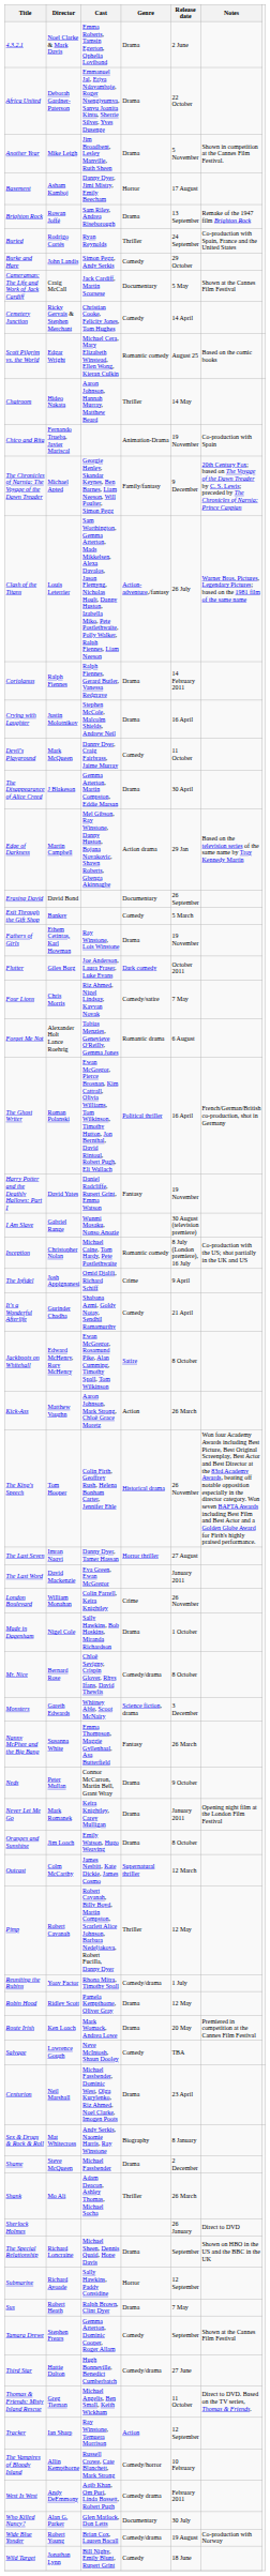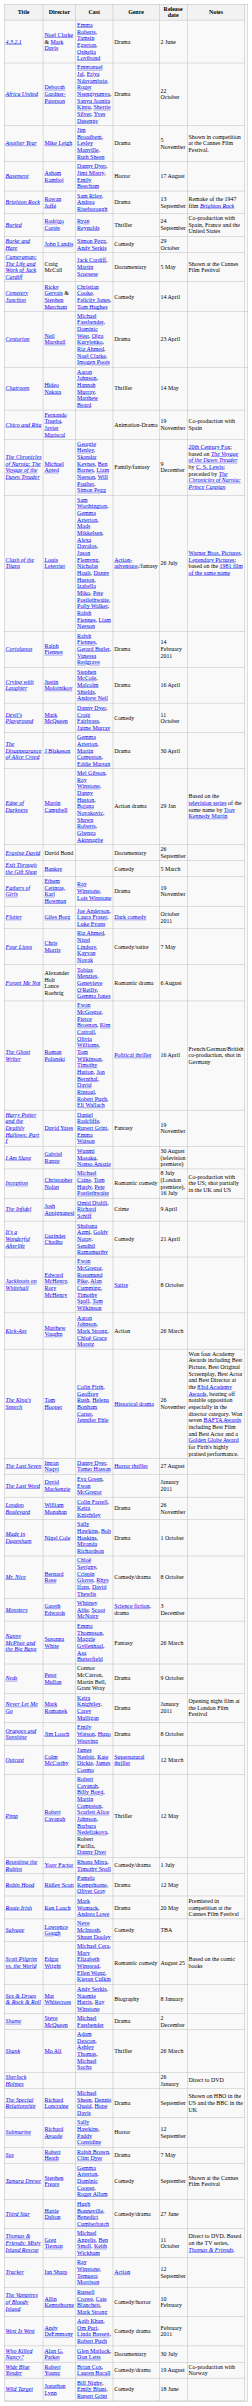 <table class="wikitable sortable" style="width:100%;">
 <tr>
 <th>Title</th>
 <th>Director</th>
 <th>Cast</th>
 <th>Genre</th>
 <th>Release date</th>
 <th>Notes</th>
 </tr>
 <tr>
 <td><em><a href='#'>4.3.2.1</a></em></td>
 <td><a href='#'>Noel Clarke</a> & <a href='#'>Mark Davis</a></td>
 <td><a href='#'>Emma Roberts</a>, <a href='#'>Tamsin Egerton</a>, <a href='#'>Ophelia Lovibond</a></td>
 <td>Drama</td>
 <td>2 June</td>
 <td></td>
 </tr>
 <tr>
 <td><em><a href='#'>Africa United</a></em></td>
 <td><a href='#'>Deborah Gardner-Paterson</a></td>
 <td><a href='#'>Emmanuel Jal</a>, <a href='#'>Eriya Ndayambaje</a>, <a href='#'>Roger Nsengiyumva</a>, <a href='#'>Sanyu Joanita Kintu</a>, <a href='#'>Sherrie Silver</a>, <a href='#'>Yves Dusenge</a></td>
 <td>Drama</td>
 <td>22 October</td>
 <td></td>
 </tr>
 <tr>
 <td><em><a href='#'>Another Year</a></em></td>
 <td><a href='#'>Mike Leigh</a></td>
 <td><a href='#'>Jim Broadbent</a>, <a href='#'>Lesley Manville</a>, <a href='#'>Ruth Sheen</a></td>
 <td>Drama</td>
 <td>5 November</td>
 <td>Shown in competition at the Cannes Film Festival.</td>
 </tr>
 <tr>
 <td><em><a href='#'>Basement</a></em></td>
 <td><a href='#'>Asham Kamboj</a></td>
 <td><a href='#'>Danny Dyer</a>, <a href='#'>Jimi Mistry</a>, <a href='#'>Emily Beecham</a></td>
 <td>Horror</td>
 <td>17 August</td>
 <td></td>
 </tr>
 <tr>
 <td><em><a href='#'>Brighton Rock</a></em></td>
 <td><a href='#'>Rowan Joffé</a></td>
 <td><a href='#'>Sam Riley</a>, <a href='#'>Andrea Riseborough</a></td>
 <td>Drama</td>
 <td>13 September</td>
 <td>Remake of the 1947 film <em><a href='#'>Brighton Rock</a></em></td>
 </tr>
 <tr>
 <td><em><a href='#'>Buried</a></em></td>
 <td><a href='#'>Rodrigo Cortés</a></td>
 <td><a href='#'>Ryan Reynolds</a></td>
 <td>Thriller</td>
 <td>24 September</td>
 <td>Co-production with Spain, France and the United States</td>
 </tr>
 <tr>
 <td><em><a href='#'>Burke and Hare</a></em></td>
 <td><a href='#'>John Landis</a></td>
 <td><a href='#'>Simon Pegg</a>, <a href='#'>Andy Serkis</a></td>
 <td>Comedy</td>
 <td>29 October</td>
 <td></td>
 </tr>
 <tr>
 <td><em><a href='#'>Cameraman: The Life and Work of Jack Cardiff</a></em></td>
 <td>Craig McCall</td>
 <td><a href='#'>Jack Cardiff</a>, <a href='#'>Martin Scorsese</a></td>
 <td>Documentary</td>
 <td>5 May</td>
 <td>Shown at the Cannes Film Festival</td>
 </tr>
 <tr>
 <td><em><a href='#'>Cemetery Junction</a></em></td>
 <td><a href='#'>Ricky Gervais</a> & <a href='#'>Stephen Merchant</a></td>
 <td><a href='#'>Christian Cooke</a>, <a href='#'>Felicity Jones</a>, <a href='#'>Tom Hughes</a></td>
 <td>Comedy</td>
 <td>14 April</td>
 <td></td>
 </tr>
 <tr>
-<td><em><a href='#'>Scott Pilgrim vs. the World</a></em></td>
-<td><a href='#'>Edgar Wright</a></td>
-<td><a href='#'>Michael Cera</a>, <a href='#'>Mary Elizabeth Winstead</a>, <a href='#'>Ellen Wong</a>, <a href='#'>Kieran Culkin</a></td>
-<td>Romantic comedy</td>
-<td>August 25</td>
-<td>Based on the comic books</td>
+<td><em><a href='#'>Centurion</a></em></td>
+<td><a href='#'>Neil Marshall</a></td>
+<td><a href='#'>Michael Fassbender</a>, <a href='#'>Dominic West</a>, <a href='#'>Olga Kurylenko</a>, <a href='#'>Riz Ahmed</a>, <a href='#'>Noel Clarke</a>, <a href='#'>Imogen Poots</a></td>
+<td>Drama</td>
+<td>23 April</td>
+<td></td>
 <td></td>
 </tr>
 <tr>
 <td><em><a href='#'>Chatroom</a></em></td>
 <td><a href='#'>Hideo Nakata</a></td>
 <td><a href='#'>Aaron Johnson</a>, <a href='#'>Hannah Murray</a>, <a href='#'>Matthew Beard</a></td>
 <td>Thriller</td>
 <td>14 May</td>
 <td></td>
 </tr>
 <tr>
 <td><em><a href='#'>Chico and Rita</a></em></td>
 <td><a href='#'>Fernando Trueba</a>, <a href='#'>Javier Mariscal</a></td>
 <td></td>
 <td>Animation-Drama</td>
 <td>19 November</td>
 <td>Co-production with Spain</td>
 </tr>
 <tr>
 <td><em><a href='#'>The Chronicles of Narnia: The Voyage of the Dawn Treader</a></em></td>
 <td><a href='#'>Michael Apted</a></td>
 <td><a href='#'>Georgie Henley</a>, <a href='#'>Skandar Keynes</a>, <a href='#'>Ben Barnes</a>, <a href='#'>Liam Neeson</a>, <a href='#'>Will Poulter</a>, <a href='#'>Simon Pegg</a></td>
 <td>Family/fantasy</td>
 <td>9 December</td>
 <td><a href='#'>20th Century Fox</a>; based on <em><a href='#'>The Voyage of the Dawn Treader</a></em> by <a href='#'>C. S. Lewis</a>; preceded by <em><a href='#'>The Chronicles of Narnia: Prince Caspian</a></em></td>
 </tr>
 <tr>
 <td><em><a href='#'>Clash of the Titans</a></em></td>
 <td><a href='#'>Louis Leterrier</a></td>
 <td><a href='#'>Sam Worthington</a>, <a href='#'>Gemma Arterton</a>, <a href='#'>Mads Mikkelsen</a>, <a href='#'>Alexa Davalos</a>, <a href='#'>Jason Flemyng</a>, <a href='#'>Nicholas Hoult</a>, <a href='#'>Danny Huston</a>, <a href='#'>Izabella Miko</a>, <a href='#'>Pete Postlethwaite</a>, <a href='#'>Polly Walker</a>, <a href='#'>Ralph Fiennes</a>, <a href='#'>Liam Neeson</a></td>
 <td><a href='#'>Action-adventure</a>,/fantasy</td>
 <td>26 July</td>
 <td><a href='#'>Warner Bros. Pictures</a>, <a href='#'>Legendary Pictures</a>; based on the <a href='#'>1981 film of the same name</a></td>
 </tr>
 <tr>
 <td><em><a href='#'>Coriolanus</a></em></td>
 <td><a href='#'>Ralph Fiennes</a></td>
 <td><a href='#'>Ralph Fiennes</a>, <a href='#'>Gerard Butler</a>, <a href='#'>Vanessa Redgrave</a></td>
 <td>Drama</td>
 <td>14 February 2011</td>
 <td></td>
 </tr>
 <tr>
 <td><em><a href='#'>Crying with Laughter</a></em></td>
 <td><a href='#'>Justin Molotnikov</a></td>
 <td><a href='#'>Stephen McCole</a>, <a href='#'>Malcolm Shields</a>, <a href='#'>Andrew Neil</a></td>
 <td>Drama</td>
 <td>16 April</td>
 <td></td>
 </tr>
 <tr>
 <td><em><a href='#'>Devil's Playground</a></em></td>
 <td><a href='#'>Mark McQueen</a></td>
 <td><a href='#'>Danny Dyer</a>, <a href='#'>Craig Fairbrass</a>, <a href='#'>Jaime Murray</a></td>
 <td>Comedy</td>
 <td>11 October</td>
 <td></td>
 </tr>
 <tr>
 <td><em><a href='#'>The Disappearance of Alice Creed</a></em></td>
 <td><a href='#'>J Blakeson</a></td>
 <td><a href='#'>Gemma Arterton</a>, <a href='#'>Martin Compston</a>, <a href='#'>Eddie Marsan</a></td>
 <td>Drama</td>
 <td>30 April</td>
 <td></td>
 </tr>
 <tr>
 <td><em><a href='#'>Edge of Darkness</a></em></td>
 <td><a href='#'>Martin Campbell</a></td>
 <td><a href='#'>Mel Gibson</a>, <a href='#'>Ray Winstone</a>, <a href='#'>Danny Huston</a>, <a href='#'>Bojana Novakovic</a>, <a href='#'>Shawn Roberts</a>, <a href='#'>Gbenga Akinnagbe</a></td>
 <td>Action drama</td>
 <td>29 Jan</td>
 <td>Based on the <a href='#'>television series</a> of the same name by <a href='#'>Troy Kennedy Martin</a></td>
 </tr>
 <tr>
 <td><em><a href='#'>Erasing David</a></em></td>
 <td>David Bond</td>
 <td></td>
 <td>Documentary</td>
 <td>26 September</td>
 <td></td>
 </tr>
 <tr>
 <td><em><a href='#'>Exit Through the Gift Shop</a></em></td>
 <td><a href='#'>Banksy</a></td>
 <td></td>
 <td>Comedy</td>
 <td>5 March</td>
 <td></td>
 </tr>
 <tr>
 <td><em><a href='#'>Fathers of Girls</a></em></td>
 <td><a href='#'>Ethem Cetintas, Karl Howman</a></td>
 <td><a href='#'>Ray Winstone</a>, <a href='#'>Lois Winstone</a></td>
 <td>Drama</td>
 <td>19 November</td>
 <td></td>
 </tr>
 <tr>
 <td><em><a href='#'>Flutter</a></em></td>
 <td><a href='#'>Giles Borg</a></td>
 <td><a href='#'>Joe Anderson</a>, <a href='#'>Laura Fraser</a>, <a href='#'>Luke Evans</a></td>
 <td><a href='#'>Dark comedy</a></td>
 <td>October 2011</td>
 <td></td>
 </tr>
 <tr>
 <td><em><a href='#'>Four Lions</a></em></td>
 <td><a href='#'>Chris Morris</a></td>
 <td><a href='#'>Riz Ahmed</a>, <a href='#'>Nigel Lindsay</a>, <a href='#'>Kayvan Novak</a></td>
 <td>Comedy/satire</td>
 <td>7 May</td>
 <td></td>
 </tr>
 <tr>
 <td><em><a href='#'>Forget Me Not</a></em></td>
 <td>Alexander Holt<br>Lance Roehrig</td>
 <td><a href='#'>Tobias Menzies</a>, <a href='#'>Genevieve O'Reilly</a>, <a href='#'>Gemma Jones</a></td>
 <td>Romantic drama</td>
 <td>6 August</td>
 <td></td>
 </tr>
 <tr>
 <td><em><a href='#'>The Ghost Writer</a></em></td>
 <td><a href='#'>Roman Polanski</a></td>
 <td><a href='#'>Ewan McGregor</a>, <a href='#'>Pierce Brosnan</a>, <a href='#'>Kim Cattrall</a>, <a href='#'>Olivia Williams</a>, <a href='#'>Tom Wilkinson</a>, <a href='#'>Timothy Hutton</a>, <a href='#'>Jon Bernthal</a>, <a href='#'>David Rintoul</a>, <a href='#'>Robert Pugh</a>, <a href='#'>Eli Wallach</a></td>
 <td><a href='#'>Political thriller</a></td>
 <td>16 April</td>
 <td>French/German/British co-production, shot in Germany</td>
 </tr>
 <tr>
 <td><em><a href='#'>Harry Potter and the Deathly Hallows: Part I</a></em></td>
 <td><a href='#'>David Yates</a></td>
 <td><a href='#'>Daniel Radcliffe</a>, <a href='#'>Rupert Grint</a>, <a href='#'>Emma Watson</a></td>
 <td>Fantasy</td>
 <td>19 November</td>
 <td></td>
 </tr>
 <tr>
 <td><em><a href='#'>I Am Slave</a></em></td>
 <td><a href='#'>Gabriel Range</a></td>
 <td><a href='#'>Wunmi Mosaku</a>, <a href='#'>Nonso Anozie</a></td>
 <td></td>
 <td>30 August (television premiere)</td>
 <td></td>
 </tr>
 <tr>
 <td><em><a href='#'>Inception</a></em></td>
 <td><a href='#'>Christopher Nolan</a></td>
 <td><a href='#'>Michael Caine</a>, <a href='#'>Tom Hardy</a>, <a href='#'>Pete Postlethwaite</a></td>
 <td>Romantic comedy</td>
 <td>8 July (London premiere), 16 July</td>
 <td>Co-production with the US; shot partially in the UK and US</td>
 </tr>
 <tr>
 <td><em><a href='#'>The Infidel</a></em></td>
 <td><a href='#'>Josh Appignanesi</a></td>
 <td><a href='#'>Omid Djalili</a>, <a href='#'>Richard Schiff</a></td>
 <td>Crime</td>
 <td>9 April</td>
 <td></td>
 </tr>
 <tr>
 <td><em><a href='#'>It's a Wonderful Afterlife</a></em></td>
 <td><a href='#'>Gurinder Chadha</a></td>
 <td><a href='#'>Shabana Azmi</a>, <a href='#'>Goldy Notay</a>, <a href='#'>Sendhil Ramamurthy</a></td>
 <td>Comedy</td>
 <td>21 April</td>
 <td></td>
 </tr>
 <tr>
 <td><em><a href='#'>Jackboots on Whitehall</a></em></td>
 <td><a href='#'>Edward McHenry</a>, <a href='#'>Rory McHenry</a></td>
 <td><a href='#'>Ewan McGregor</a>, <a href='#'>Rosamund Pike</a>, <a href='#'>Alan Cumming</a>, <a href='#'>Timothy Spall</a>, <a href='#'>Tom Wilkinson</a></td>
 <td><a href='#'>Satire</a></td>
 <td>8 October</td>
 <td></td>
 </tr>
 <tr>
 <td><em><a href='#'>Kick-Ass</a></em></td>
 <td><a href='#'>Matthew Vaughn</a></td>
 <td><a href='#'>Aaron Johnson</a>, <a href='#'>Mark Strong</a>, <a href='#'>Chloë Grace Moretz</a></td>
 <td>Action</td>
 <td>26 March</td>
 <td></td>
 </tr>
 <tr>
 <td><em><a href='#'>The King's Speech</a></em></td>
 <td><a href='#'>Tom Hooper</a></td>
 <td><a href='#'>Colin Firth</a>, <a href='#'>Geoffrey Rush</a>, <a href='#'>Helena Bonham Carter</a>, <a href='#'>Jennifer Ehle</a></td>
 <td><a href='#'>Historical drama</a></td>
 <td>26 November</td>
 <td>Won four Academy Awards including Best Picture, Best Original Screenplay, Best Actor and Best Director at the <a href='#'>83rd Academy Awards</a>, beating off notable opposition especially in the director category. Won seven <a href='#'>BAFTA Awards</a> including Best Film and Best Actor and a <a href='#'>Golden Globe Award</a> for Firth's highly praised performance.</td>
 </tr>
 <tr>
 <td><em><a href='#'>The Last Seven</a></em></td>
 <td><a href='#'>Imran Naqvi</a></td>
 <td><a href='#'>Danny Dyer</a>, <a href='#'>Tamer Hassan</a></td>
 <td><a href='#'>Horror thriller</a></td>
 <td>27 August</td>
 <td></td>
 </tr>
 <tr>
 <td><em><a href='#'>The Last Word</a></em></td>
 <td><a href='#'>David Mackenzie</a></td>
 <td><a href='#'>Eva Green</a>, <a href='#'>Ewan McGregor</a></td>
 <td></td>
 <td>January 2011</td>
 <td></td>
 </tr>
 <tr>
 <td><em><a href='#'>London Boulevard</a></em></td>
 <td><a href='#'>William Monahan</a></td>
 <td><a href='#'>Colin Farrell</a>, <a href='#'>Keira Knightley</a></td>
-<td>Crime</td>
+<td>Drama</td>
 <td>26 November</td>
 <td></td>
 </tr>
 <tr>
 <td><em><a href='#'>Made in Dagenham</a></em></td>
 <td><a href='#'>Nigel Cole</a></td>
 <td><a href='#'>Sally Hawkins</a>, <a href='#'>Bob Hoskins</a>, <a href='#'>Miranda Richardson</a></td>
 <td>Drama</td>
 <td>1 October</td>
 <td></td>
 </tr>
 <tr>
 <td><em><a href='#'>Mr. Nice</a></em></td>
 <td><a href='#'>Bernard Rose</a></td>
 <td><a href='#'>Chloë Sevigny</a>, <a href='#'>Crispin Glover</a>, <a href='#'>Rhys Ifans</a>, <a href='#'>David Thewlis</a></td>
 <td>Comedy/drama</td>
 <td>8 October</td>
 <td></td>
 </tr>
 <tr>
 <td><em><a href='#'>Monsters</a></em></td>
 <td><a href='#'>Gareth Edwards</a></td>
 <td><a href='#'>Whitney Able</a>, <a href='#'>Scoot McNairy</a></td>
 <td><a href='#'>Science fiction</a>, drama</td>
 <td>3 December</td>
 <td></td>
 </tr>
 <tr>
 <td><em><a href='#'>Nanny McPhee and the Big Bang</a></em></td>
 <td><a href='#'>Susanna White</a></td>
 <td><a href='#'>Emma Thompson</a>, <a href='#'>Maggie Gyllenhaal</a>, <a href='#'>Asa Butterfield</a></td>
 <td>Fantasy</td>
 <td>26 March</td>
 <td></td>
 </tr>
 <tr>
 <td><em><a href='#'>Neds</a></em></td>
 <td><a href='#'>Peter Mullan</a></td>
 <td>Connor McCarron, Martin Bell, Grant Wray</td>
 <td>Drama</td>
 <td>9 October</td>
 <td></td>
 </tr>
 <tr>
 <td><em><a href='#'>Never Let Me Go</a></em></td>
 <td><a href='#'>Mark Romanek</a></td>
 <td><a href='#'>Keira Knightley</a>, <a href='#'>Carey Mulligan</a></td>
 <td>Drama</td>
 <td>January 2011</td>
 <td>Opening night film at the London Film Festival</td>
 </tr>
 <tr>
 <td><em><a href='#'>Oranges and Sunshine</a></em></td>
 <td><a href='#'>Jim Loach</a></td>
 <td><a href='#'>Emily Watson</a>, <a href='#'>Hugo Weaving</a></td>
 <td>Drama</td>
 <td>8 October</td>
 <td></td>
 </tr>
 <tr>
 <td><em><a href='#'>Outcast</a></em></td>
 <td><a href='#'>Colm McCarthy</a></td>
 <td><a href='#'>James Nesbitt</a>, <a href='#'>Kate Dickie</a>, <a href='#'>James Cosmo</a></td>
 <td><a href='#'>Supernatural</a> <a href='#'>thriller</a></td>
 <td>12 March</td>
 <td></td>
 </tr>
 <tr>
 <td><em><a href='#'>Pimp</a></em></td>
 <td><a href='#'>Robert Cavanah</a></td>
 <td><a href='#'>Robert Cavanah</a>, <a href='#'>Billy Boyd</a>, <a href='#'>Martin Compston</a>, <a href='#'>Scarlett Alice Johnson</a>, <a href='#'>Barbara Nedeljakova</a>, Robert Fucilla, <a href='#'>Danny Dyer</a></td>
 <td>Thriller</td>
 <td>12 May</td>
 <td></td>
 </tr>
 <tr>
 <td><em><a href='#'>Reuniting the Rubins</a></em></td>
 <td><a href='#'>Yoav Factor</a></td>
 <td><a href='#'>Rhona Mitra</a>, <a href='#'>Timothy Spall</a></td>
 <td>Comedy/drama</td>
 <td>1 July</td>
 <td></td>
 </tr>
 <tr>
 <td><em><a href='#'>Robin Hood</a></em></td>
 <td><a href='#'>Ridley Scott</a></td>
 <td><a href='#'>Pamela Kempthorne</a>, <a href='#'>Oliver Gray</a></td>
 <td>Drama</td>
 <td>12 May</td>
 <td></td>
 </tr>
 <tr>
 <td><em><a href='#'>Route Irish</a></em></td>
 <td><a href='#'>Ken Loach</a></td>
 <td><a href='#'>Mark Womack</a>, <a href='#'>Andrea Lowe</a></td>
 <td>Drama</td>
 <td>20 May</td>
 <td>Premiered in competition at the Cannes Film Festival</td>
 </tr>
 <tr>
 <td><em><a href='#'>Salvage</a></em></td>
 <td><a href='#'>Lawrence Gough</a></td>
 <td><a href='#'>Neve McIntosh</a>, <a href='#'>Shaun Dooley</a></td>
 <td>Comedy</td>
 <td>TBA</td>
 <td></td>
 </tr>
 <tr>
-<td><em><a href='#'>Centurion</a></em></td>
-<td><a href='#'>Neil Marshall</a></td>
-<td><a href='#'>Michael Fassbender</a>, <a href='#'>Dominic West</a>, <a href='#'>Olga Kurylenko</a>, <a href='#'>Riz Ahmed</a>, <a href='#'>Noel Clarke</a>, <a href='#'>Imogen Poots</a></td>
-<td>Drama</td>
-<td>23 April</td>
-<td></td>
+<td><em><a href='#'>Scott Pilgrim vs. the World</a></em></td>
+<td><a href='#'>Edgar Wright</a></td>
+<td><a href='#'>Michael Cera</a>, <a href='#'>Mary Elizabeth Winstead</a>, <a href='#'>Ellen Wong</a>, <a href='#'>Kieran Culkin</a></td>
+<td>Romantic comedy</td>
+<td>August 25</td>
+<td>Based on the comic books</td>
 <td></td>
 </tr>
 <tr>
 <td><em><a href='#'>Sex & Drugs & Rock & Roll</a></em></td>
 <td><a href='#'>Mat Whitecross</a></td>
 <td><a href='#'>Andy Serkis</a>, <a href='#'>Naomie Harris</a>, <a href='#'>Ray Winstone</a></td>
 <td>Biography</td>
 <td>8 January</td>
 <td></td>
 </tr>
 <tr>
 <td><em><a href='#'>Shame</a></em></td>
 <td><a href='#'>Steve McQueen</a></td>
 <td><a href='#'>Michael Fassbender</a></td>
 <td>Drama</td>
 <td>2 December</td>
 <td></td>
 </tr>
 <tr>
 <td><em><a href='#'>Shank</a></em></td>
 <td><a href='#'>Mo Ali</a></td>
 <td><a href='#'>Adam Deacon</a>, <a href='#'>Ashley Thomas</a>, <a href='#'>Michael Socha</a></td>
 <td>Thriller</td>
 <td>26 March</td>
 <td></td>
 </tr>
 <tr>
 <td><em><a href='#'>Sherlock Holmes</a></em></td>
 <td></td>
 <td></td>
 <td></td>
 <td>26 January</td>
 <td>Direct to DVD</td>
 </tr>
 <tr>
 <td><em><a href='#'>The Special Relationship</a></em></td>
 <td><a href='#'>Richard Loncraine</a></td>
 <td><a href='#'>Michael Sheen</a>, <a href='#'>Dennis Quaid</a>, <a href='#'>Hope Davis</a></td>
 <td>Drama</td>
 <td>September</td>
 <td>Shown on HBO in the US and the BBC in the UK</td>
 </tr>
 <tr>
 <td><em><a href='#'>Submarine</a></em></td>
 <td><a href='#'>Richard Ayoade</a></td>
 <td><a href='#'>Sally Hawkins</a>, <a href='#'>Paddy Considine</a></td>
 <td>Horror</td>
 <td>12 September</td>
 <td></td>
 </tr>
 <tr>
 <td><em><a href='#'>Sus</a></em></td>
 <td><a href='#'>Robert Heath</a></td>
 <td><a href='#'>Ralph Brown</a>, <a href='#'>Clint Dyer</a></td>
 <td>Drama</td>
 <td>7 May</td>
 <td></td>
 </tr>
 <tr>
 <td><em><a href='#'>Tamara Drewe</a></em></td>
 <td><a href='#'>Stephen Frears</a></td>
 <td><a href='#'>Gemma Arterton</a>, <a href='#'>Dominic Cooper</a>, <a href='#'>Roger Allam</a></td>
 <td>Comedy</td>
 <td>September</td>
 <td>Shown at the Cannes Film Festival</td>
 </tr>
 <tr>
 <td><em><a href='#'>Third Star</a></em></td>
 <td><a href='#'>Hattie Dalton</a></td>
 <td><a href='#'>Hugh Bonneville</a>, <a href='#'>Benedict Cumberbatch</a></td>
 <td>Comedy/drama</td>
 <td>27 June</td>
 <td></td>
 </tr>
 <tr>
 <td><em><a href='#'>Thomas & Friends: Misty Island Rescue</a></em></td>
 <td><a href='#'>Greg Tiernan</a></td>
 <td><a href='#'>Michael Angelis</a>, <a href='#'>Ben Small</a>, <a href='#'>Keith Wickham</a></td>
 <td></td>
 <td>11 October</td>
 <td>Direct to DVD. Based on the TV series, <em><a href='#'>Thomas & Friends</a></em>.</td>
 </tr>
 <tr>
 <td><em><a href='#'>Tracker</a></em></td>
 <td><a href='#'>Ian Sharp</a></td>
 <td><a href='#'>Ray Winstone</a>, <a href='#'>Temuera Morrison</a></td>
 <td><a href='#'>Action</a></td>
 <td>12 September</td>
 <td></td>
 </tr>
 <tr>
 <td><em><a href='#'>The Vampires of Bloody Island</a></em></td>
 <td><a href='#'>Allin Kempthorne</a></td>
 <td><a href='#'>Russell Crowe</a>, <a href='#'>Cate Blanchett</a>, <a href='#'>Mark Strong</a></td>
 <td>Comedy/horror</td>
 <td>10 February</td>
 <td></td>
 </tr>
 <tr>
 <td><em><a href='#'>West Is West</a></em></td>
 <td><a href='#'>Andy DeEmmony</a></td>
 <td><a href='#'>Aqib Khan</a>, <a href='#'>Om Puri</a>, <a href='#'>Linda Bassett</a>, <a href='#'>Robert Pugh</a></td>
 <td>Comedy drama</td>
 <td>February 2011</td>
 <td></td>
 </tr>
 <tr>
 <td><em><a href='#'>Who Killed Nancy?</a></em></td>
 <td><a href='#'>Alan G. Parker</a></td>
 <td><a href='#'>Glen Matlock</a>, <a href='#'>Don Letts</a></td>
 <td>Documentary</td>
 <td>30 July</td>
 <td></td>
 </tr>
 <tr>
 <td><em><a href='#'>Wide Blue Yonder</a></em></td>
 <td><a href='#'>Robert Young</a></td>
 <td><a href='#'>Brian Cox</a>, <a href='#'>Lauren Bacall</a></td>
 <td>Comedy/drama</td>
 <td>19 August</td>
 <td>Co-production with Norway</td>
 </tr>
 <tr>
 <td><em><a href='#'>Wild Target</a></em></td>
 <td><a href='#'>Jonathan Lynn</a></td>
 <td><a href='#'>Bill Nighy</a>, <a href='#'>Emily Blunt</a>, <a href='#'>Rupert Grint</a></td>
 <td>Comedy</td>
 <td>18 June</td>
 <td></td>
 </tr>
 <tr>
 </tr>
 </table>
